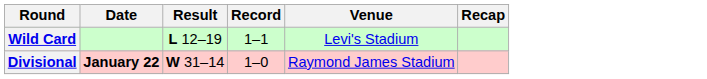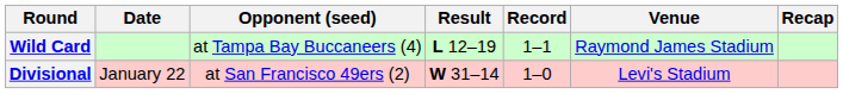 <table class="wikitable" style="text-align:center"NFLPrimaryStyle|Dallas Cowboys>
 <tr>
 <th>Round</th>
 <th>Date</th>
+<th>Opponent (seed)</th>
 <th>Result</th>
 <th>Record</th>
 <th>Venue</th>
 <th>Recap</th>
 </tr>
 <tr style="background:#cfc">
 <th><a href='#'>Wild Card</a></th>
 <td></td>
+<td>at <a href='#'>Tampa Bay Buccaneers</a> (4)</td>
 <td><strong>L</strong> 12–19</td>
 <td>1–1</td>
-<td><a href='#'>Levi's Stadium</a></td>
+<td><a href='#'>Raymond James Stadium</a></td>
 <td></td>
 </tr>
 <tr style="background:#fcc">
 <th><a href='#'>Divisional</a></th>
-<td><strong>January 22</strong></td>
+<td>January 22</td>
+<td>at <a href='#'>San Francisco 49ers</a> (2)</td>
 <td><strong>W</strong> 31–14</td>
 <td>1–0</td>
-<td><a href='#'>Raymond James Stadium</a></td>
+<td><a href='#'>Levi's Stadium</a></td>
 <td></td>
 </tr>
 </table>
